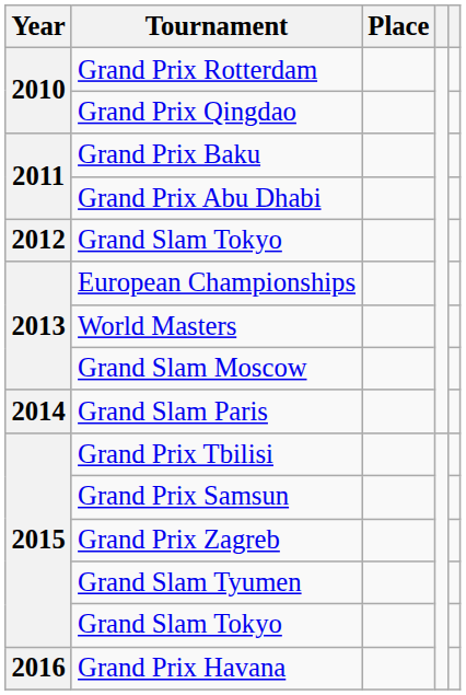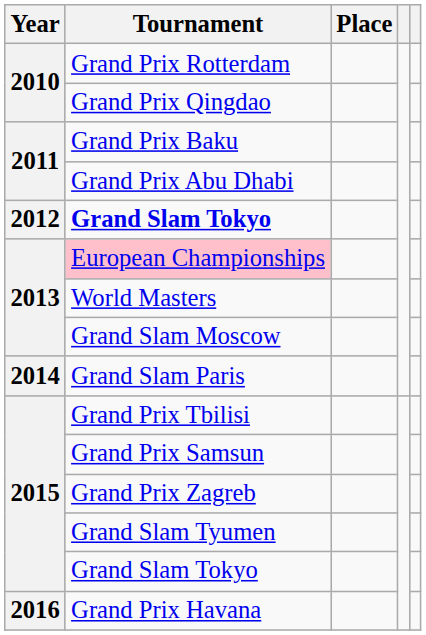 <table class="wikitable sortable" style="text-align:center;">
 <tr>
 <th>Year</th>
 <th>Tournament</th>
 <th>Place</th>
 <th></th>
 <th></th>
 </tr>
 <tr>
 <th rowspan=2>2010</th>
 <td align=left><a href='#'>Grand Prix Rotterdam</a></td>
 <td></td>
 <td rowspan=9></td>
 <td></td>
 </tr>
 <tr>
 <td align=left><a href='#'>Grand Prix Qingdao</a></td>
 <td></td>
 <td></td>
 </tr>
 <tr>
 <th rowspan=2>2011</th>
 <td align=left><a href='#'>Grand Prix Baku</a></td>
 <td></td>
 <td></td>
 </tr>
 <tr>
 <td align=left><a href='#'>Grand Prix Abu Dhabi</a></td>
 <td></td>
 <td></td>
 </tr>
 <tr>
 <th>2012</th>
-<td align=left><a href='#'>Grand Slam Tokyo</a></td>
+<td align=left><strong><a href='#'>Grand Slam Tokyo</a></strong></td>
 <td></td>
 <td></td>
 </tr>
 <tr>
 <th rowspan=3>2013</th>
-<td align=left><a href='#'>European Championships</a></td>
+<td align=left style="background: pink;"><a href='#'>European Championships</a></td>
 <td></td>
 <td></td>
 </tr>
 <tr>
 <td align=left><a href='#'>World Masters</a></td>
 <td></td>
 <td></td>
 </tr>
 <tr>
 <td align=left><a href='#'>Grand Slam Moscow</a></td>
 <td></td>
 <td></td>
 </tr>
 <tr>
 <th>2014</th>
 <td align=left><a href='#'>Grand Slam Paris</a></td>
 <td></td>
 <td></td>
 </tr>
 <tr>
 <th rowspan=5>2015</th>
 <td align=left><a href='#'>Grand Prix Tbilisi</a></td>
 <td></td>
 <td rowspan=6></td>
 <td></td>
 </tr>
 <tr>
 <td align=left><a href='#'>Grand Prix Samsun</a></td>
 <td></td>
 <td></td>
 </tr>
 <tr>
 <td align=left><a href='#'>Grand Prix Zagreb</a></td>
 <td></td>
 <td></td>
 </tr>
 <tr>
 <td align=left><a href='#'>Grand Slam Tyumen</a></td>
 <td></td>
 <td></td>
 </tr>
 <tr>
 <td align=left><a href='#'>Grand Slam Tokyo</a></td>
 <td></td>
 <td></td>
 </tr>
 <tr>
 <th>2016</th>
 <td align=left><a href='#'>Grand Prix Havana</a></td>
 <td></td>
 <td></td>
 </tr>
 </table>
